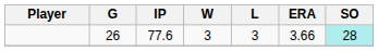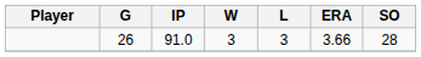 <table class="wikitable sortable">
 <tr>
 <th bgcolor="#DDDDFF" width="16%">Player</th>
 <th bgcolor="#DDDDFF" width="9%">G</th>
 <th bgcolor="#DDDDFF" width="9%">IP</th>
 <th bgcolor="#DDDDFF" width="9%">W</th>
 <th bgcolor="#DDDDFF" width="9%">L</th>
 <th bgcolor="#DDDDFF" width="9%">ERA</th>
 <th bgcolor="#DDDDFF" width="9%">SO</th>
 </tr>
 <tr align="center">
 <td></td>
 <td>26</td>
-<td>77.6</td>
+<td>91.0</td>
 <td>3</td>
 <td>3</td>
 <td>3.66</td>
-<td style="background: paleturquoise;">28</td>
+<td>28</td>
 </tr>
 <tr align="center">
 </tr>
 </table>
